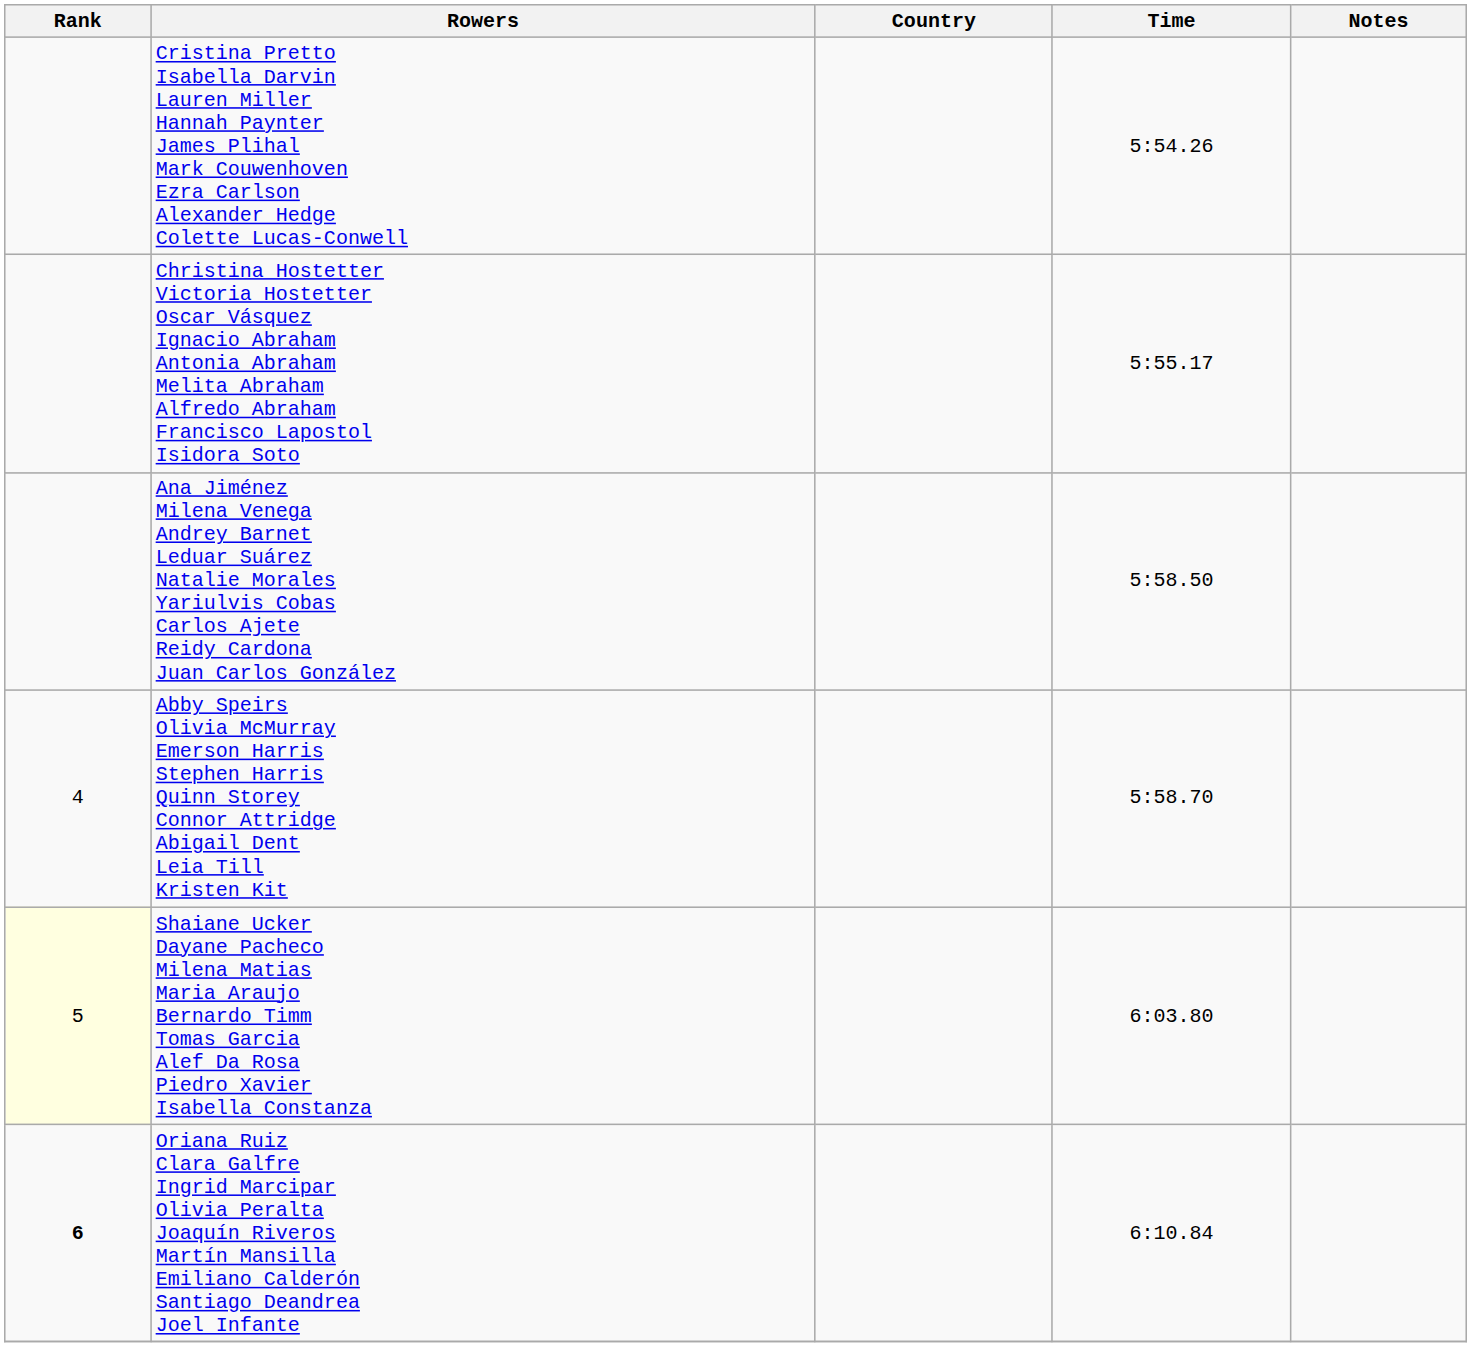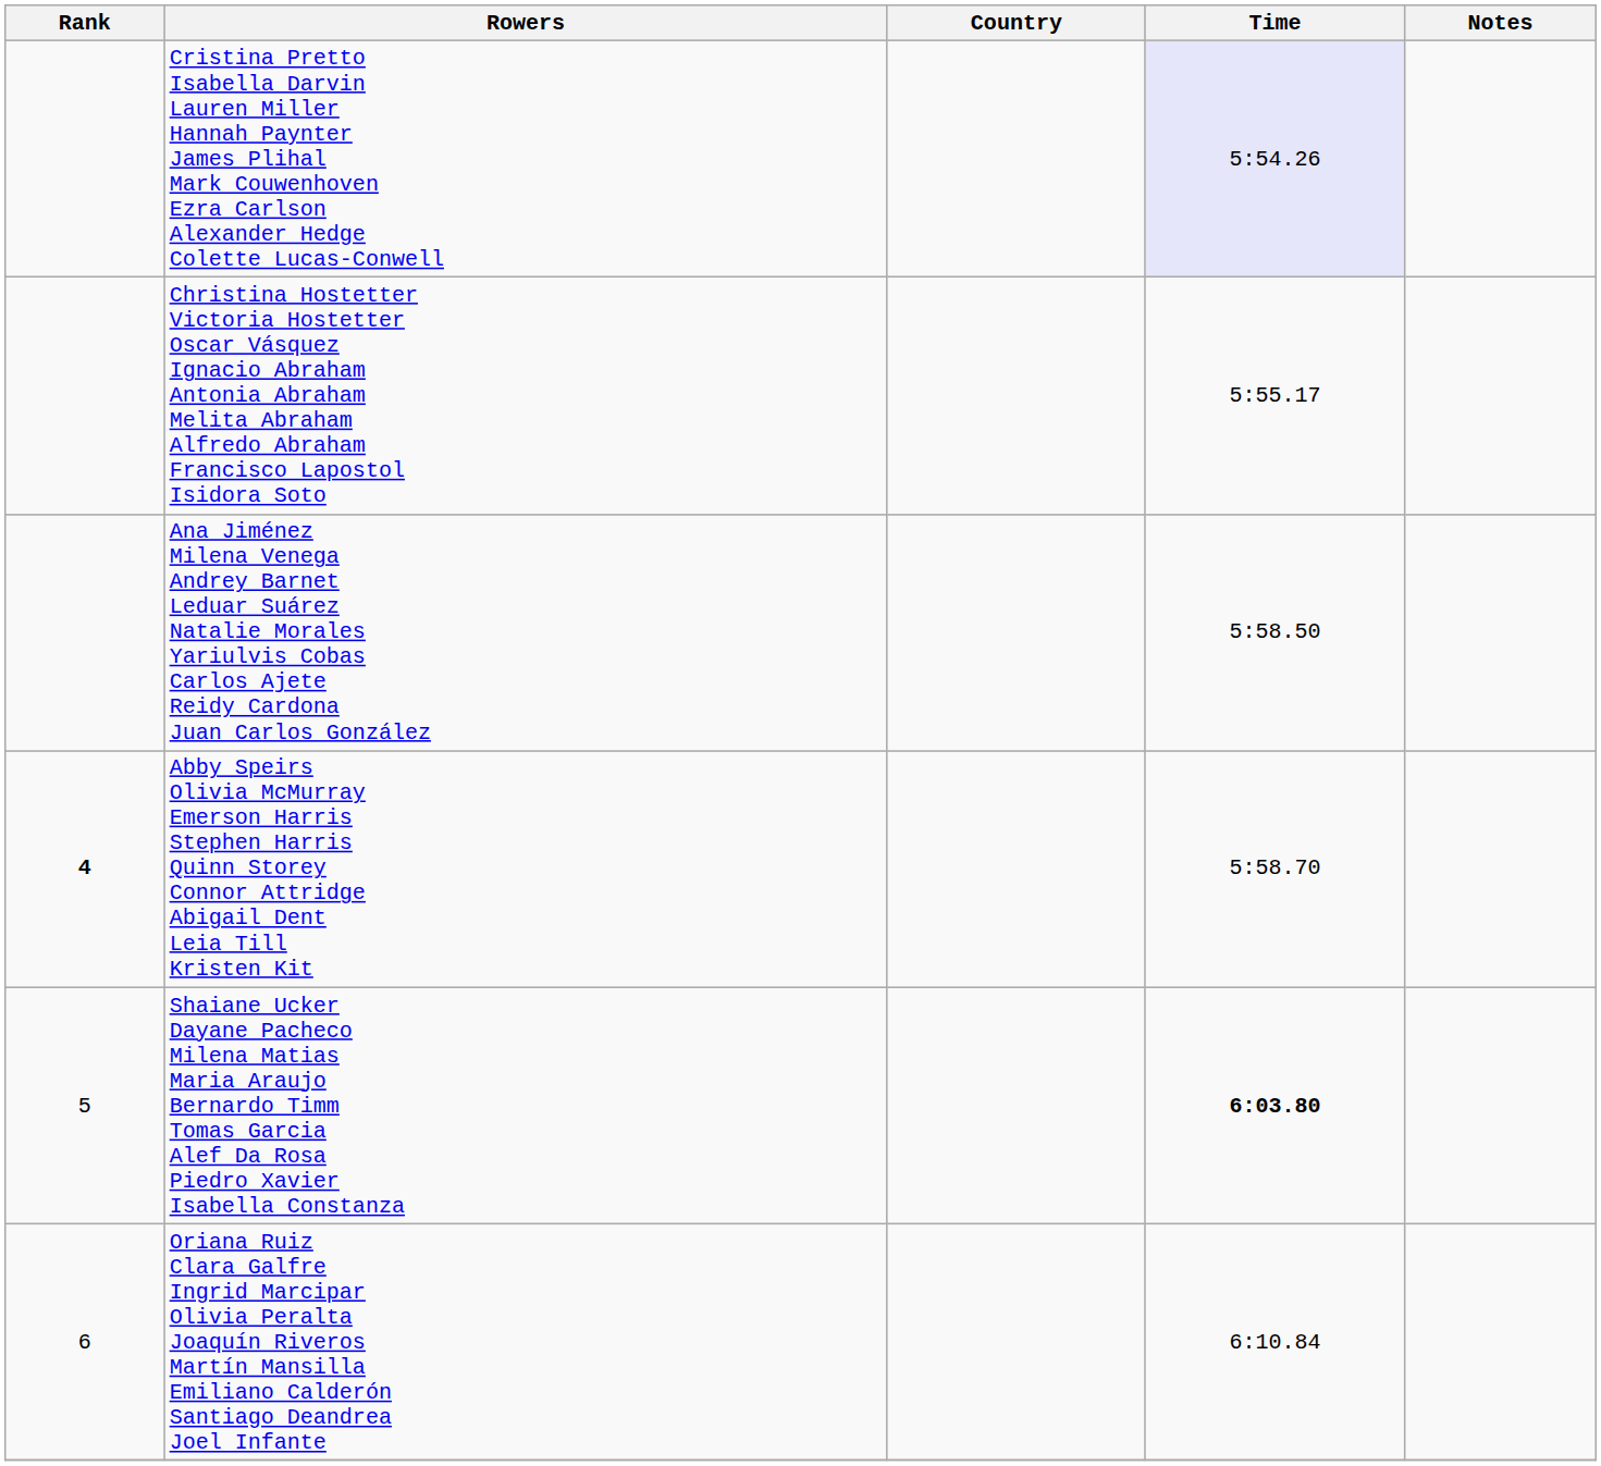 <table class="wikitable" width=60% style="text-align:center">
 <tr>
 <th>Rank</th>
 <th>Rowers</th>
 <th>Country</th>
 <th>Time</th>
 <th>Notes</th>
 </tr>
 <tr>
 <td></td>
 <td align=left><a href='#'>Cristina Pretto</a><br><a href='#'>Isabella Darvin</a><br><a href='#'>Lauren Miller</a><br><a href='#'>Hannah Paynter</a><br><a href='#'>James Plihal</a><br><a href='#'>Mark Couwenhoven</a><br><a href='#'>Ezra Carlson</a><br><a href='#'>Alexander Hedge</a><br><a href='#'>Colette Lucas-Conwell</a></td>
 <td align=left></td>
-<td>5:54.26</td>
+<td style="background: lavender;">5:54.26</td>
 <td></td>
 </tr>
 <tr>
 <td></td>
 <td align=left><a href='#'>Christina Hostetter</a><br><a href='#'>Victoria Hostetter</a><br><a href='#'>Oscar Vásquez</a><br><a href='#'>Ignacio Abraham</a><br><a href='#'>Antonia Abraham</a><br><a href='#'>Melita Abraham</a><br><a href='#'>Alfredo Abraham</a><br><a href='#'>Francisco Lapostol</a><br><a href='#'>Isidora Soto</a></td>
 <td align=left></td>
 <td>5:55.17</td>
 <td></td>
 </tr>
 <tr>
 <td></td>
 <td align=left><a href='#'>Ana Jiménez</a><br><a href='#'>Milena Venega</a><br><a href='#'>Andrey Barnet</a><br><a href='#'>Leduar Suárez</a><br><a href='#'>Natalie Morales</a><br><a href='#'>Yariulvis Cobas</a><br><a href='#'>Carlos Ajete</a><br><a href='#'>Reidy Cardona</a><br><a href='#'>Juan Carlos González</a></td>
 <td align=left></td>
 <td>5:58.50</td>
 <td></td>
 </tr>
 <tr>
-<td>4</td>
+<td><strong>4</strong></td>
 <td align=left><a href='#'>Abby Speirs</a><br><a href='#'>Olivia McMurray</a><br><a href='#'>Emerson Harris</a><br><a href='#'>Stephen Harris</a><br><a href='#'>Quinn Storey</a><br><a href='#'>Connor Attridge</a><br><a href='#'>Abigail Dent</a><br><a href='#'>Leia Till</a><br><a href='#'>Kristen Kit</a></td>
 <td align=left></td>
 <td>5:58.70</td>
 <td></td>
 </tr>
 <tr>
-<td style="background: lightyellow;">5</td>
+<td>5</td>
 <td align=left><a href='#'>Shaiane Ucker</a><br><a href='#'>Dayane Pacheco</a><br><a href='#'>Milena Matias</a><br><a href='#'>Maria Araujo</a><br><a href='#'>Bernardo Timm</a><br><a href='#'>Tomas Garcia</a><br><a href='#'>Alef Da Rosa</a><br><a href='#'>Piedro Xavier</a><br><a href='#'>Isabella Constanza</a></td>
 <td align="left"></td>
-<td>6:03.80</td>
+<td><strong>6:03.80</strong></td>
 <td></td>
 </tr>
 <tr>
-<td><strong>6</strong></td>
+<td>6</td>
 <td align=left><a href='#'>Oriana Ruiz</a><br><a href='#'>Clara Galfre</a><br><a href='#'>Ingrid Marcipar</a><br><a href='#'>Olivia Peralta</a><br><a href='#'>Joaquín Riveros</a><br><a href='#'>Martín Mansilla</a><br><a href='#'>Emiliano Calderón</a><br><a href='#'>Santiago Deandrea</a><br><a href='#'>Joel Infante</a></td>
 <td align=left></td>
 <td>6:10.84</td>
 <td></td>
 </tr>
 <tr>
 </tr>
 </table>
